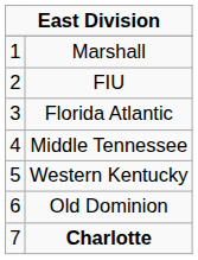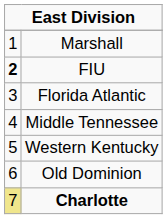 <table class="wikitable">
 <tr align="center">
 <td align="center" Colspan="2"><strong>East Division</strong></td>
 </tr>
 <tr align="center">
 </tr>
 <tr align="center">
 <td>1</td>
 <td>Marshall</td>
 </tr>
 <tr align="center">
-<td>2</td>
+<td><strong>2</strong></td>
 <td>FIU</td>
 </tr>
 <tr align="center">
 <td>3</td>
 <td>Florida Atlantic</td>
 </tr>
 <tr align="center">
 <td>4</td>
 <td>Middle Tennessee</td>
 </tr>
 <tr align="center">
 <td>5</td>
 <td>Western Kentucky</td>
 </tr>
 <tr align="center">
 <td>6</td>
 <td>Old Dominion</td>
 </tr>
 <tr align="center">
-<td>7</td>
+<td style="background: khaki;">7</td>
 <td><strong>Charlotte</strong></td>
 </tr>
 </table>
